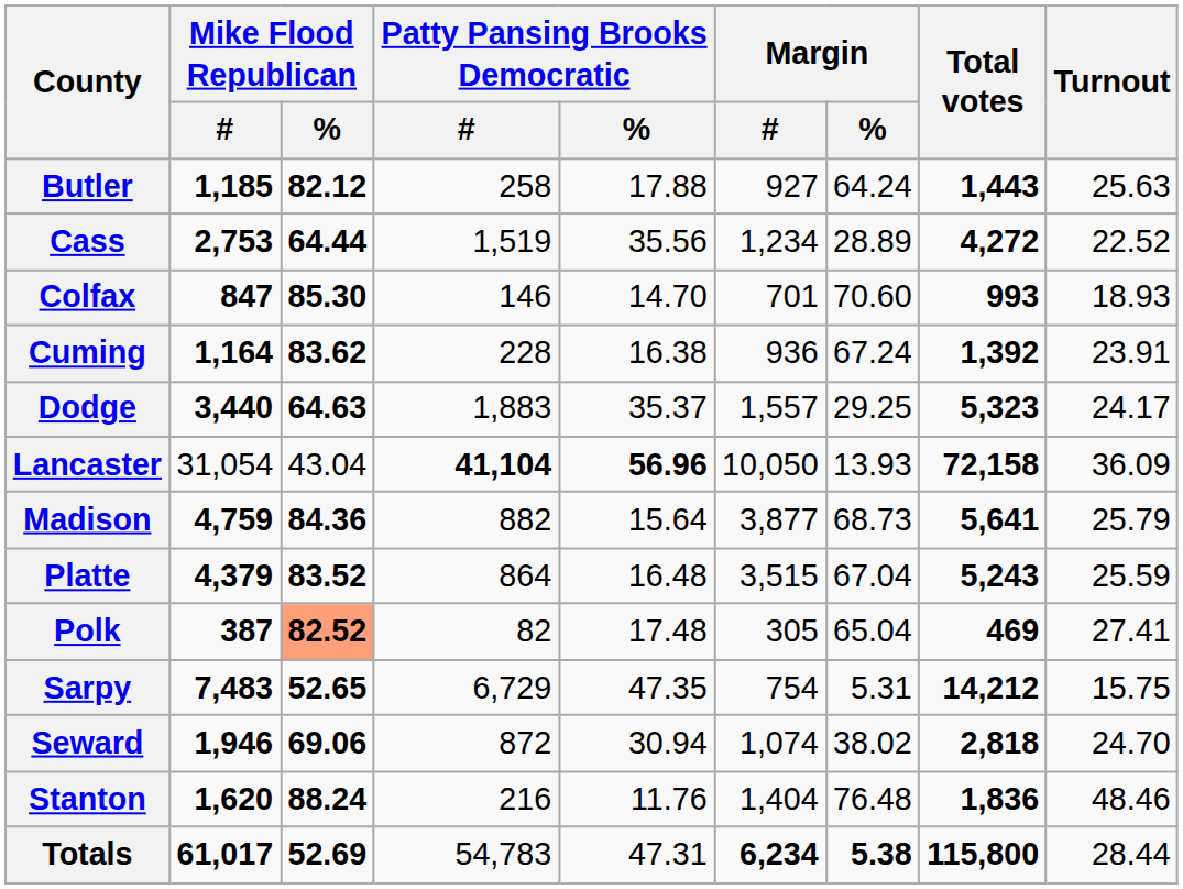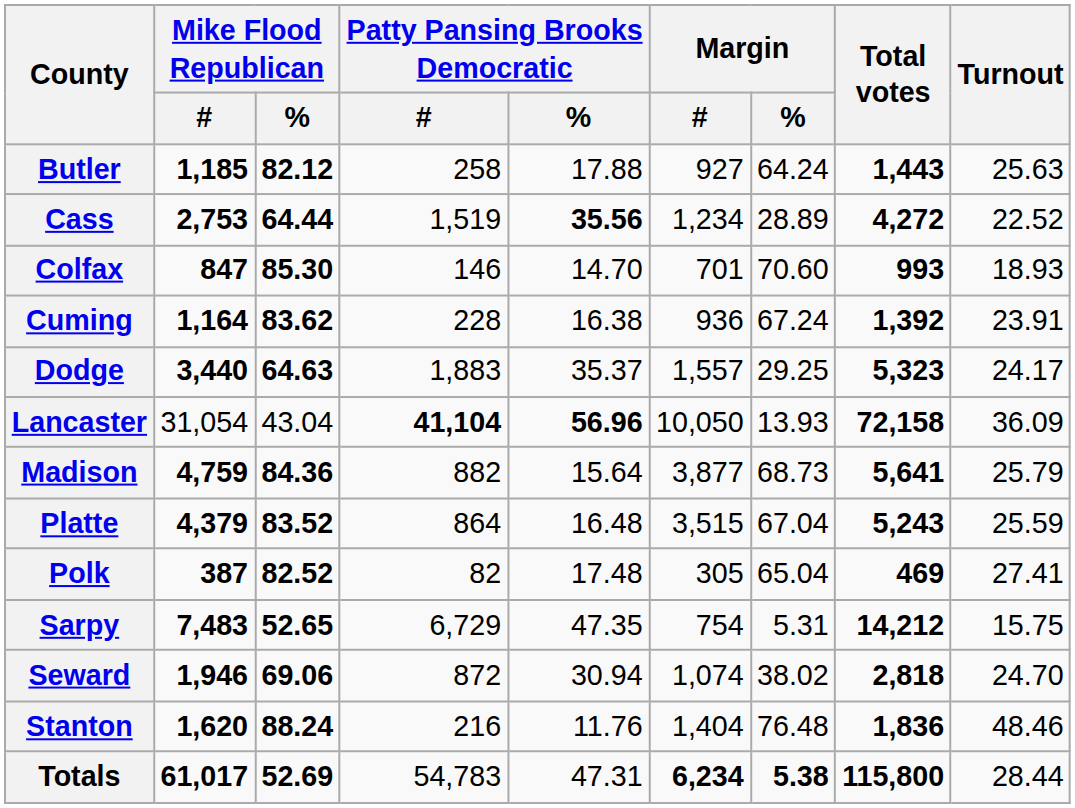 <table class="wikitable sortable" style="text-align:right;font-size:90%;line-height:1.3">
 <tr>
 <th rowspan="2">County</th>
 <th colspan="2"><a href='#'>Mike Flood</a><br><a href='#'>Republican</a></th>
 <th colspan="2"><a href='#'>Patty Pansing Brooks</a><br><a href='#'>Democratic</a></th>
 <th colspan="2">Margin</th>
 <th rowspan="2">Total<br>votes</th>
 <th rowspan="2">Turnout</th>
 </tr>
 <tr>
 <th data-sort-type="number">#</th>
 <th data-sort-type="number">%</th>
 <th data-sort-type="number">#</th>
 <th data-sort-type="number">%</th>
 <th data-sort-type="number">#</th>
 <th data-sort-type="number">%</th>
 </tr>
 <tr>
 <th><a href='#'>Butler</a></th>
 <td><strong>1,185</strong></td>
 <td><strong>82.12</strong></td>
 <td>258</td>
 <td>17.88</td>
 <td>927</td>
 <td>64.24</td>
 <td><strong>1,443</strong></td>
 <td>25.63</td>
 </tr>
 <tr>
 <th><a href='#'>Cass</a></th>
 <td><strong>2,753</strong></td>
 <td><strong>64.44</strong></td>
 <td>1,519</td>
-<td>35.56</td>
+<td><strong>35.56</strong></td>
 <td>1,234</td>
 <td>28.89</td>
 <td><strong>4,272</strong></td>
 <td>22.52</td>
 </tr>
 <tr>
 <th><a href='#'>Colfax</a></th>
 <td><strong>847</strong></td>
 <td><strong>85.30</strong></td>
 <td>146</td>
 <td>14.70</td>
 <td>701</td>
 <td>70.60</td>
 <td><strong>993</strong></td>
 <td>18.93</td>
 </tr>
 <tr>
 <th><a href='#'>Cuming</a></th>
 <td><strong>1,164</strong></td>
 <td><strong>83.62</strong></td>
 <td>228</td>
 <td>16.38</td>
 <td>936</td>
 <td>67.24</td>
 <td><strong>1,392</strong></td>
 <td>23.91</td>
 </tr>
 <tr>
 <th><a href='#'>Dodge</a></th>
 <td><strong>3,440</strong></td>
 <td><strong>64.63</strong></td>
 <td>1,883</td>
 <td>35.37</td>
 <td>1,557</td>
 <td>29.25</td>
 <td><strong>5,323</strong></td>
 <td>24.17</td>
 </tr>
 <tr>
 <th><a href='#'>Lancaster</a></th>
 <td>31,054</td>
 <td>43.04</td>
 <td><strong>41,104</strong></td>
 <td><strong>56.96</strong></td>
 <td>10,050</td>
 <td>13.93</td>
 <td><strong>72,158</strong></td>
 <td>36.09</td>
 </tr>
 <tr>
 <th><a href='#'>Madison</a></th>
 <td><strong>4,759</strong></td>
 <td><strong>84.36</strong></td>
 <td>882</td>
 <td>15.64</td>
 <td>3,877</td>
 <td>68.73</td>
 <td><strong>5,641</strong></td>
 <td>25.79</td>
 </tr>
 <tr>
 <th><a href='#'>Platte</a></th>
 <td><strong>4,379</strong></td>
 <td><strong>83.52</strong></td>
 <td>864</td>
 <td>16.48</td>
 <td>3,515</td>
 <td>67.04</td>
 <td><strong>5,243</strong></td>
 <td>25.59</td>
 </tr>
 <tr>
 <th><a href='#'>Polk</a></th>
 <td><strong>387</strong></td>
-<td style="background: lightsalmon;"><strong>82.52</strong></td>
+<td><strong>82.52</strong></td>
 <td>82</td>
 <td>17.48</td>
 <td>305</td>
 <td>65.04</td>
 <td><strong>469</strong></td>
 <td>27.41</td>
 </tr>
 <tr>
 <th><a href='#'>Sarpy</a> </th>
 <td><strong>7,483</strong></td>
 <td><strong>52.65</strong></td>
 <td>6,729</td>
 <td>47.35</td>
 <td>754</td>
 <td>5.31</td>
 <td><strong>14,212</strong></td>
 <td>15.75</td>
 </tr>
 <tr>
 <th><a href='#'>Seward</a></th>
 <td><strong>1,946</strong></td>
 <td><strong>69.06</strong></td>
 <td>872</td>
 <td>30.94</td>
 <td>1,074</td>
 <td>38.02</td>
 <td><strong>2,818</strong></td>
 <td>24.70</td>
 </tr>
 <tr>
 <th><a href='#'>Stanton</a></th>
 <td><strong>1,620</strong></td>
 <td><strong>88.24</strong></td>
 <td>216</td>
 <td>11.76</td>
 <td>1,404</td>
 <td>76.48</td>
 <td><strong>1,836</strong></td>
 <td>48.46</td>
 </tr>
 <tr class="sortbottom">
 <th>Totals</th>
 <td><strong>61,017</strong></td>
 <td><strong>52.69</strong></td>
 <td>54,783</td>
 <td>47.31</td>
 <td><strong>6,234</strong></td>
 <td><strong>5.38</strong></td>
 <td><strong>115,800</strong></td>
 <td>28.44</td>
 </tr>
 </table>
